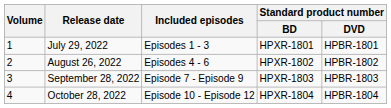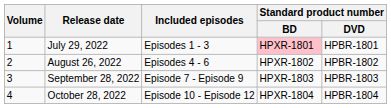 <table class="wikitable" style="font-size:small;" border="1">
 <tr>
 <th rowspan="2">Volume</th>
 <th rowspan="2">Release date </th>
 <th rowspan="2">Included episodes</th>
 <th colspan="2">Standard product number</th>
 </tr>
 <tr>
 <th>BD</th>
 <th>DVD</th>
 </tr>
 <tr>
 <td>1</td>
 <td>July 29, 2022</td>
 <td>Episodes 1 - 3</td>
-<td>HPXR-1801</td>
+<td style="background: pink;">HPXR-1801</td>
 <td>HPBR-1801</td>
 </tr>
 <tr>
 <td>2</td>
 <td>August 26, 2022</td>
 <td>Episodes 4 - 6</td>
 <td>HPXR-1802</td>
 <td>HPBR-1802</td>
 </tr>
 <tr>
 <td>3</td>
 <td>September 28, 2022</td>
 <td>Episode 7 - Episode 9</td>
 <td>HPXR-1803</td>
 <td>HPBR-1803</td>
 </tr>
 <tr>
 <td>4</td>
 <td>October 28, 2022</td>
 <td>Episode 10 - Episode 12</td>
 <td>HPXR-1804</td>
 <td>HPBR-1804</td>
 </tr>
 </table>
